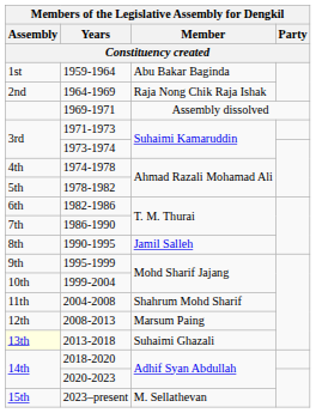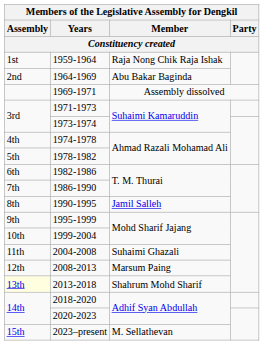 <table class=wikitable>
 <tr>
 <th colspan=4>Members of the Legislative Assembly for Dengkil</th>
 </tr>
 <tr>
 <th>Assembly</th>
 <th>Years</th>
 <th>Member</th>
 <th>Party</th>
 </tr>
 <tr>
 <th colspan=4 align=center><em>Constituency created</em></th>
 </tr>
 <tr>
 <td>1st</td>
 <td>1959-1964</td>
-<td>Abu Bakar Baginda</td>
+<td>Raja Nong Chik Raja Ishak</td>
 <td rowspan=2></td>
 </tr>
 <tr>
 <td>2nd</td>
 <td>1964-1969</td>
-<td>Raja Nong Chik Raja Ishak</td>
+<td>Abu Bakar Baginda</td>
 </tr>
 <tr>
 <td></td>
 <td>1969-1971</td>
 <td colspan=2 align=center>Assembly dissolved</td>
 </tr>
 <tr>
 <td rowspan=2>3rd</td>
 <td>1971-1973</td>
 <td rowspan=2><a href='#'>Suhaimi Kamaruddin</a></td>
 <td></td>
 </tr>
 <tr>
 <td>1973-1974</td>
 <td rowspan="3"></td>
 </tr>
 <tr>
 <td>4th</td>
 <td>1974-1978</td>
 <td rowspan=2>Ahmad Razali Mohamad Ali</td>
 </tr>
 <tr>
 <td>5th</td>
 <td>1978-1982</td>
 </tr>
 <tr>
 <td>6th</td>
 <td>1982-1986</td>
 <td rowspan=2>T. M. Thurai</td>
 <td rowspan="3"></td>
 </tr>
 <tr>
 <td>7th</td>
 <td>1986-1990</td>
 </tr>
 <tr>
 <td>8th</td>
 <td>1990-1995</td>
 <td><a href='#'>Jamil Salleh</a></td>
 </tr>
 <tr>
 <td>9th</td>
 <td>1995-1999</td>
 <td rowspan=2>Mohd Sharif Jajang</td>
 <td rowspan="5"></td>
 </tr>
 <tr>
 <td>10th</td>
 <td>1999-2004</td>
 </tr>
 <tr>
 <td>11th</td>
 <td>2004-2008</td>
-<td>Shahrum Mohd Sharif</td>
+<td>Suhaimi Ghazali</td>
 </tr>
 <tr>
 <td>12th</td>
 <td>2008-2013</td>
 <td>Marsum Paing</td>
 </tr>
 <tr>
 <td style="background: lightyellow;"><a href='#'>13th</a></td>
 <td>2013-2018</td>
-<td>Suhaimi Ghazali</td>
+<td>Shahrum Mohd Sharif</td>
 </tr>
 <tr>
 <td rowspan="2"><a href='#'>14th</a></td>
 <td>2018-2020</td>
 <td rowspan="2"><a href='#'>Adhif Syan Abdullah</a></td>
 <td></td>
 </tr>
 <tr>
 <td>2020-2023</td>
 <td rowspan="2"></td>
 </tr>
 <tr>
 <td><a href='#'>15th</a></td>
 <td>2023–present</td>
 <td>M. Sellathevan</td>
 </tr>
 </table>
